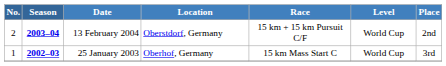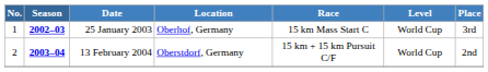 <table class="wikitable sortable" style="font-size:95%; text-align:center; border:grey solid 1px; border-collapse:collapse; background:#ffffff;">
 <tr style="background:#efefef;">
 <th style="background-color:#369; color:white;">No.</th>
 <th style="background-color:#369; color:white;">Season</th>
 <th style="background-color:#4180be; color:white; width:120px;">Date</th>
 <th style="background-color:#4180be; color:white; width:170px;">Location</th>
 <th style="background-color:#4180be; color:white; width:160px;">Race</th>
 <th style="background-color:#4180be; color:white; width:100px;">Level</th>
 <th style="background-color:#4180be; color:white;">Place</th>
 </tr>
 <tr>
+<td align=center>1</td>
+<td rowspan=1 align=center><strong> <a href='#'>2002–03</a> </strong></td>
+<td align=right>25 January 2003</td>
+<td align=left> <a href='#'>Oberhof</a>, Germany</td>
+<td>15 km Mass Start C</td>
+<td>World Cup</td>
+<td>3rd</td>
+</tr>
+<tr>
 <td align=center>2</td>
 <td rowspan=1 align=center><strong> <a href='#'>2003–04</a> </strong></td>
 <td align=right>13 February 2004</td>
 <td align=left> <a href='#'>Oberstdorf</a>, Germany</td>
 <td>15 km + 15 km Pursuit C/F</td>
 <td>World Cup</td>
 <td>2nd</td>
 </tr>
 <tr>
-<td align=center>1</td>
-<td rowspan=1 align=center><strong> <a href='#'>2002–03</a> </strong></td>
-<td align=right>25 January 2003</td>
-<td align=left> <a href='#'>Oberhof</a>, Germany</td>
-<td>15 km Mass Start C</td>
-<td>World Cup</td>
-<td>3rd</td>
-</tr>
-<tr>
 </tr>
 </table>
